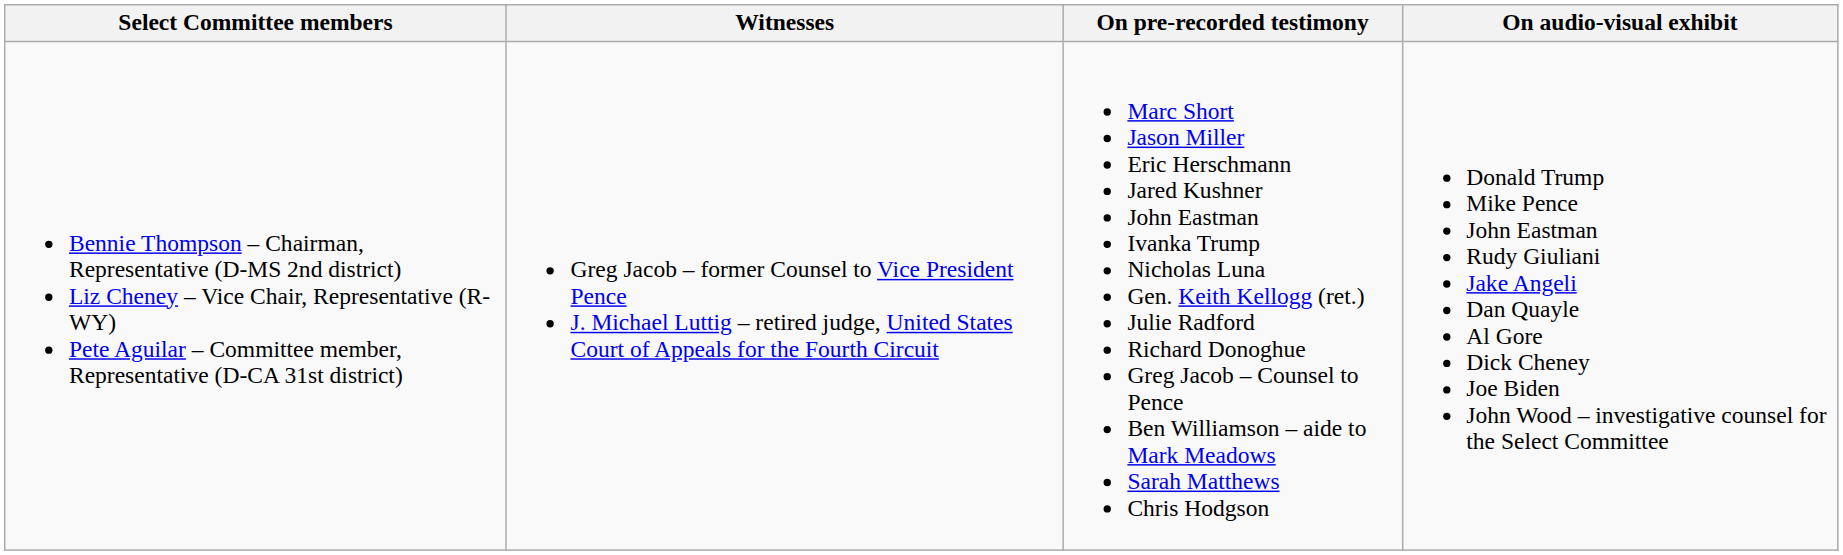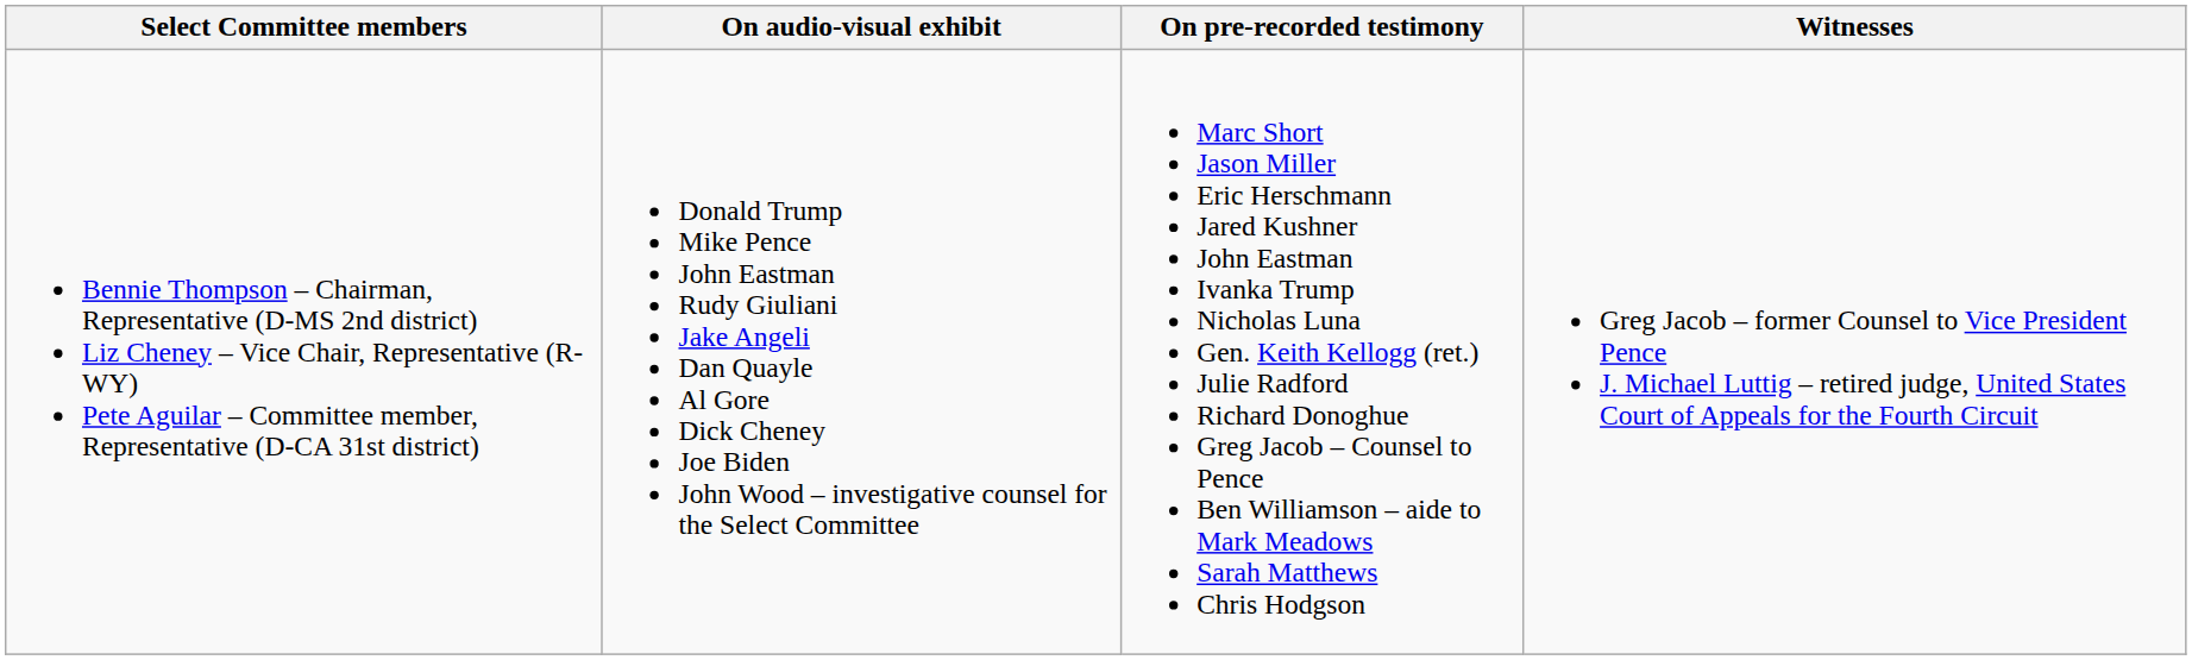 <table class="vertical-align-top wikitable mw-collapsible mw-collapsed">
 <tr>
 <th>Select Committee members</th>
+<th>On audio-visual exhibit</th>
+<th>On pre-recorded testimony</th>
 <th>Witnesses</th>
-<th>On pre-recorded testimony</th>
-<th>On audio-visual exhibit</th>
 </tr>
 <tr>
 <td><br><ul><li><a href='#'>Bennie Thompson</a> – Chairman, Representative (D-MS 2nd district)</li><li><a href='#'>Liz Cheney</a> – Vice Chair, Representative (R-WY)</li><li><a href='#'>Pete Aguilar</a> – Committee member, Representative (D-CA 31st district)</li></ul></td>
+<td><br><ul><li>Donald Trump</li><li>Mike Pence</li><li>John Eastman</li><li>Rudy Giuliani</li><li><a href='#'>Jake Angeli</a></li><li>Dan Quayle</li><li>Al Gore</li><li>Dick Cheney</li><li>Joe Biden</li><li>John Wood – investigative counsel for the Select Committee</li></ul></td>
+<td><br><ul><li><a href='#'>Marc Short</a></li><li><a href='#'>Jason Miller</a></li><li>Eric Herschmann</li><li>Jared Kushner</li><li>John Eastman</li><li>Ivanka Trump</li><li>Nicholas Luna</li><li>Gen. <a href='#'>Keith Kellogg</a> (ret.)</li><li>Julie Radford</li><li>Richard Donoghue</li><li>Greg Jacob – Counsel to Pence</li><li>Ben Williamson – aide to <a href='#'>Mark Meadows</a></li><li><a href='#'>Sarah Matthews</a></li><li>Chris Hodgson</li></ul></td>
 <td><br><ul><li>Greg Jacob – former Counsel to <a href='#'>Vice President Pence</a></li><li><a href='#'>J. Michael Luttig</a> – retired judge, <a href='#'>United States Court of Appeals for the Fourth Circuit</a></li></ul></td>
-<td><br><ul><li><a href='#'>Marc Short</a></li><li><a href='#'>Jason Miller</a></li><li>Eric Herschmann</li><li>Jared Kushner</li><li>John Eastman</li><li>Ivanka Trump</li><li>Nicholas Luna</li><li>Gen. <a href='#'>Keith Kellogg</a> (ret.)</li><li>Julie Radford</li><li>Richard Donoghue</li><li>Greg Jacob – Counsel to Pence</li><li>Ben Williamson – aide to <a href='#'>Mark Meadows</a></li><li><a href='#'>Sarah Matthews</a></li><li>Chris Hodgson</li></ul></td>
-<td><br><ul><li>Donald Trump</li><li>Mike Pence</li><li>John Eastman</li><li>Rudy Giuliani</li><li><a href='#'>Jake Angeli</a></li><li>Dan Quayle</li><li>Al Gore</li><li>Dick Cheney</li><li>Joe Biden</li><li>John Wood – investigative counsel for the Select Committee</li></ul></td>
 </tr>
 </table>
